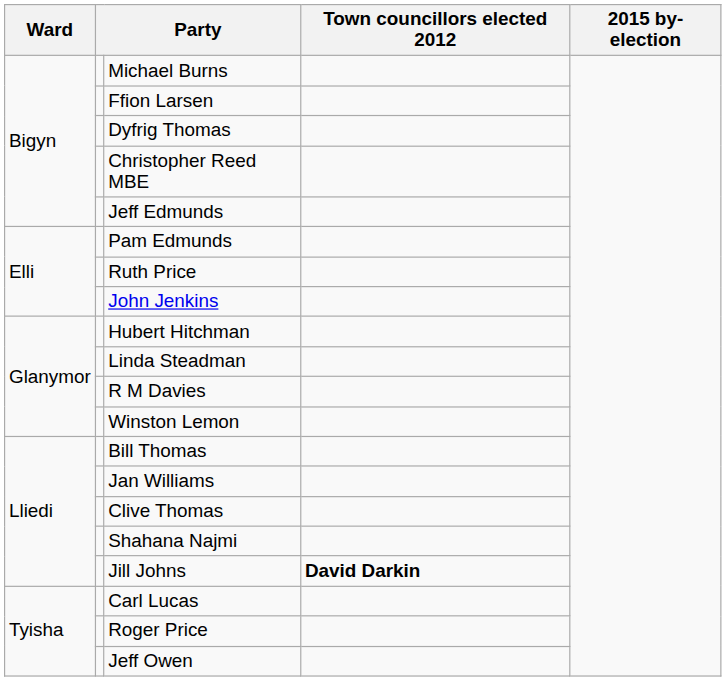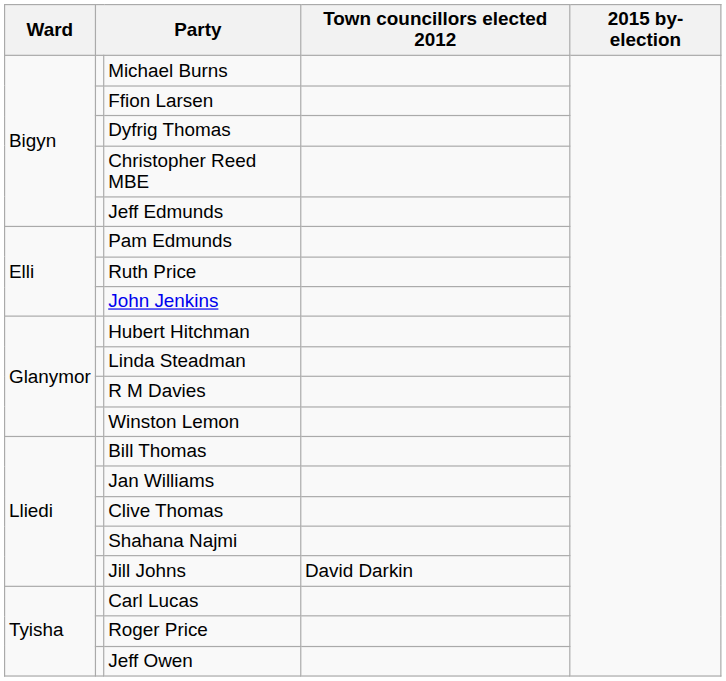 <table class="wikitable">
 <tr>
 <th>Ward</th>
 <th colspan="2">Party</th>
 <th>Town councillors elected 2012</th>
 <th>2015 by-election</th>
 </tr>
 <tr>
 <td rowspan="5">Bigyn</td>
 <td></td>
 <td>Michael Burns</td>
 <td></td>
 </tr>
 <tr>
 <td></td>
 <td>Ffion Larsen</td>
 <td></td>
 </tr>
 <tr>
 <td></td>
 <td>Dyfrig Thomas</td>
 <td></td>
 </tr>
 <tr>
 <td></td>
 <td>Christopher Reed MBE</td>
 <td></td>
 </tr>
 <tr>
 <td></td>
 <td>Jeff Edmunds</td>
 <td></td>
 </tr>
 <tr>
 <td rowspan="3">Elli</td>
 <td></td>
 <td>Pam Edmunds</td>
 <td></td>
 </tr>
 <tr>
 <td></td>
 <td>Ruth Price</td>
 <td></td>
 </tr>
 <tr>
 <td></td>
 <td><a href='#'>John Jenkins</a></td>
 <td></td>
 </tr>
 <tr>
 <td rowspan="4">Glanymor</td>
 <td></td>
 <td>Hubert Hitchman</td>
 <td></td>
 </tr>
 <tr>
 <td></td>
 <td>Linda Steadman</td>
 <td></td>
 </tr>
 <tr>
 <td></td>
 <td>R M Davies</td>
 <td></td>
 </tr>
 <tr>
 <td></td>
 <td>Winston Lemon</td>
 <td></td>
 </tr>
 <tr>
 <td rowspan="5">Lliedi</td>
 <td></td>
 <td>Bill Thomas</td>
 <td></td>
 </tr>
 <tr>
 <td></td>
 <td>Jan Williams</td>
 <td></td>
 </tr>
 <tr>
 <td></td>
 <td>Clive Thomas</td>
 <td></td>
 </tr>
 <tr>
 <td></td>
 <td>Shahana Najmi</td>
 <td></td>
 </tr>
 <tr>
 <td></td>
 <td>Jill Johns</td>
-<td><strong>David Darkin</strong></td>
+<td>David Darkin</td>
 </tr>
 <tr>
 <td rowspan="3">Tyisha</td>
 <td></td>
 <td>Carl Lucas</td>
 <td></td>
 </tr>
 <tr>
 <td></td>
 <td>Roger Price</td>
 <td></td>
 </tr>
 <tr>
 <td></td>
 <td>Jeff Owen</td>
 <td></td>
 </tr>
 </table>
